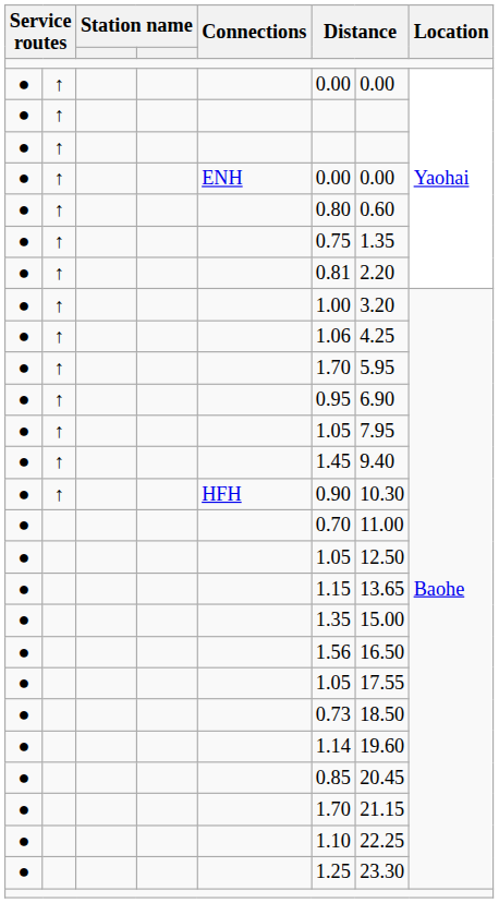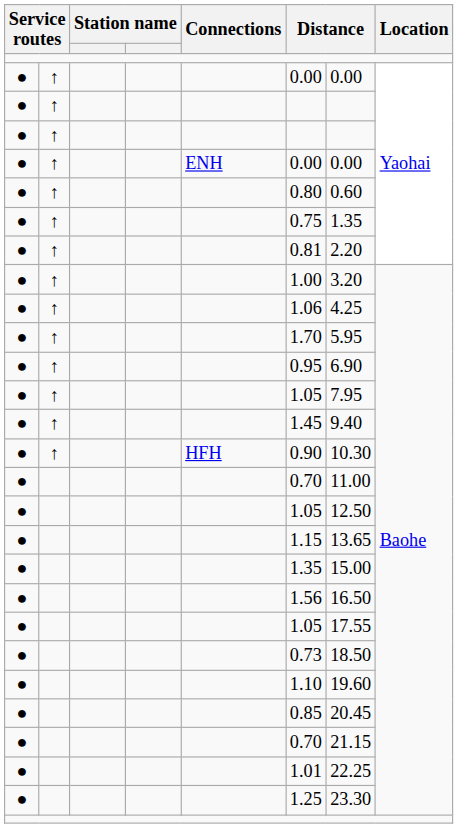 <table class="wikitable">
 <tr>
 <th rowspan=2 colspan=2>Service<br>routes</th>
 <th colspan=2>Station name</th>
 <th rowspan=2>Connections</th>
 <th colspan=2 rowspan=2>Distance<br></th>
 <th rowspan=2>Location</th>
 </tr>
 <tr>
 <th></th>
 <th></th>
 </tr>
 <tr style="background:#">
 <td colspan = "8"></td>
 </tr>
 <tr>
 <td style="text-align:center;">●</td>
 <td style="text-align:center;">↑</td>
 <td></td>
 <td></td>
 <td></td>
 <td>0.00</td>
 <td>0.00</td>
 <td bgcolor="white" rowspan="7"><a href='#'>Yaohai</a></td>
 </tr>
 <tr>
 <td style="text-align:center;">●</td>
 <td style="text-align:center;">↑</td>
 <td></td>
 <td></td>
 <td></td>
 <td></td>
 <td></td>
 </tr>
 <tr>
 <td style="text-align:center;">●</td>
 <td style="text-align:center;">↑</td>
 <td></td>
 <td></td>
 <td></td>
 <td></td>
 <td></td>
 </tr>
 <tr>
 <td style="text-align:center;">●</td>
 <td style="text-align:center;">↑</td>
 <td></td>
 <td></td>
 <td> <a href='#'>ENH</a><br> </td>
 <td>0.00</td>
 <td>0.00</td>
 </tr>
 <tr>
 <td style="text-align:center;">●</td>
 <td style="text-align:center;">↑</td>
 <td></td>
 <td></td>
 <td></td>
 <td>0.80</td>
 <td>0.60</td>
 </tr>
 <tr>
 <td style="text-align:center;">●</td>
 <td style="text-align:center;">↑</td>
 <td></td>
 <td></td>
 <td></td>
 <td>0.75</td>
 <td>1.35</td>
 </tr>
 <tr>
 <td style="text-align:center;">●</td>
 <td style="text-align:center;">↑</td>
 <td></td>
 <td></td>
 <td></td>
 <td>0.81</td>
 <td>2.20</td>
 </tr>
 <tr>
 <td style="text-align:center;">●</td>
 <td style="text-align:center;">↑</td>
 <td></td>
 <td></td>
 <td></td>
 <td>1.00</td>
 <td>3.20</td>
 <td rowspan="19"><a href='#'>Baohe</a></td>
 </tr>
 <tr>
 <td style="text-align:center;">●</td>
 <td style="text-align:center;">↑</td>
 <td></td>
 <td></td>
 <td></td>
 <td>1.06</td>
 <td>4.25</td>
 </tr>
 <tr>
 <td style="text-align:center;">●</td>
 <td style="text-align:center;">↑</td>
 <td></td>
 <td></td>
 <td></td>
 <td>1.70</td>
 <td>5.95</td>
 </tr>
 <tr>
 <td style="text-align:center;">●</td>
 <td style="text-align:center;">↑</td>
 <td></td>
 <td></td>
 <td></td>
 <td>0.95</td>
 <td>6.90</td>
 </tr>
 <tr>
 <td style="text-align:center;">●</td>
 <td style="text-align:center;">↑</td>
 <td></td>
 <td></td>
 <td></td>
 <td>1.05</td>
 <td>7.95</td>
 </tr>
 <tr>
 <td style="text-align:center;">●</td>
 <td style="text-align:center;">↑</td>
 <td></td>
 <td></td>
 <td></td>
 <td>1.45</td>
 <td>9.40</td>
 </tr>
 <tr>
 <td style="text-align:center;">●</td>
 <td style="text-align:center;">↑</td>
 <td></td>
 <td></td>
 <td> <a href='#'>HFH</a><br></td>
 <td>0.90</td>
 <td>10.30</td>
 </tr>
 <tr>
 <td style="text-align:center;">●</td>
 <td style="text-align:center;"></td>
 <td></td>
 <td></td>
 <td></td>
 <td>0.70</td>
 <td>11.00</td>
 </tr>
 <tr>
 <td style="text-align:center;">●</td>
 <td style="text-align:center;"></td>
 <td></td>
 <td></td>
 <td></td>
 <td>1.05</td>
 <td>12.50</td>
 </tr>
 <tr>
 <td style="text-align:center;">●</td>
 <td style="text-align:center;"></td>
 <td></td>
 <td></td>
 <td></td>
 <td>1.15</td>
 <td>13.65</td>
 </tr>
 <tr>
 <td style="text-align:center;">●</td>
 <td style="text-align:center;"></td>
 <td></td>
 <td></td>
 <td></td>
 <td>1.35</td>
 <td>15.00</td>
 </tr>
 <tr>
 <td style="text-align:center;">●</td>
 <td style="text-align:center;"></td>
 <td></td>
 <td></td>
 <td></td>
 <td>1.56</td>
 <td>16.50</td>
 </tr>
 <tr>
 <td style="text-align:center;">●</td>
 <td style="text-align:center;"></td>
 <td></td>
 <td></td>
 <td></td>
 <td>1.05</td>
 <td>17.55</td>
 </tr>
 <tr>
 <td style="text-align:center;">●</td>
 <td style="text-align:center;"></td>
 <td></td>
 <td></td>
 <td></td>
 <td>0.73</td>
 <td>18.50</td>
 </tr>
 <tr>
 <td style="text-align:center;">●</td>
 <td style="text-align:center;"></td>
 <td></td>
 <td></td>
 <td></td>
-<td>1.14</td>
+<td>1.10</td>
 <td>19.60</td>
 </tr>
 <tr>
 <td style="text-align:center;">●</td>
 <td style="text-align:center;"></td>
 <td></td>
 <td></td>
 <td></td>
 <td>0.85</td>
 <td>20.45</td>
 </tr>
 <tr>
 <td style="text-align:center;">●</td>
 <td style="text-align:center;"></td>
 <td></td>
 <td></td>
 <td></td>
-<td>1.70</td>
+<td>0.70</td>
 <td>21.15</td>
 </tr>
 <tr>
 <td style="text-align:center;">●</td>
 <td style="text-align:center;"></td>
 <td></td>
 <td></td>
 <td></td>
-<td>1.10</td>
+<td>1.01</td>
 <td>22.25</td>
 </tr>
 <tr>
 <td style="text-align:center;">●</td>
 <td style="text-align:center;"></td>
 <td></td>
 <td></td>
 <td></td>
 <td>1.25</td>
 <td>23.30</td>
 </tr>
 <tr style="background:#">
 <td colspan = "8"></td>
 </tr>
 </table>
